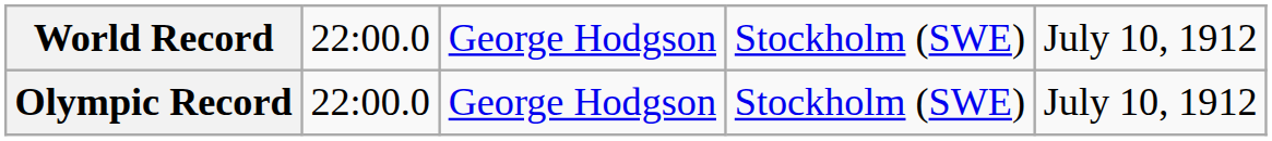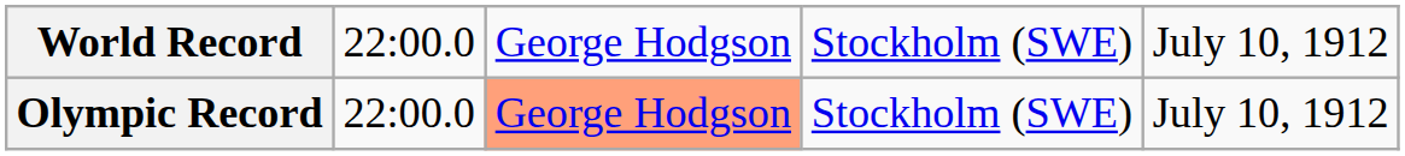 <table class="wikitable" style="font-size:95%;">
 <tr>
 <th>World Record</th>
 <td>22:00.0</td>
 <td> <a href='#'>George Hodgson</a></td>
 <td><a href='#'>Stockholm</a> (<a href='#'>SWE</a>)</td>
 <td>July 10, 1912</td>
 </tr>
 <tr>
 <th>Olympic Record</th>
 <td>22:00.0</td>
-<td> <a href='#'>George Hodgson</a></td>
+<td style="background: lightsalmon;"> <a href='#'>George Hodgson</a></td>
 <td><a href='#'>Stockholm</a> (<a href='#'>SWE</a>)</td>
 <td>July 10, 1912</td>
 </tr>
 </table>
